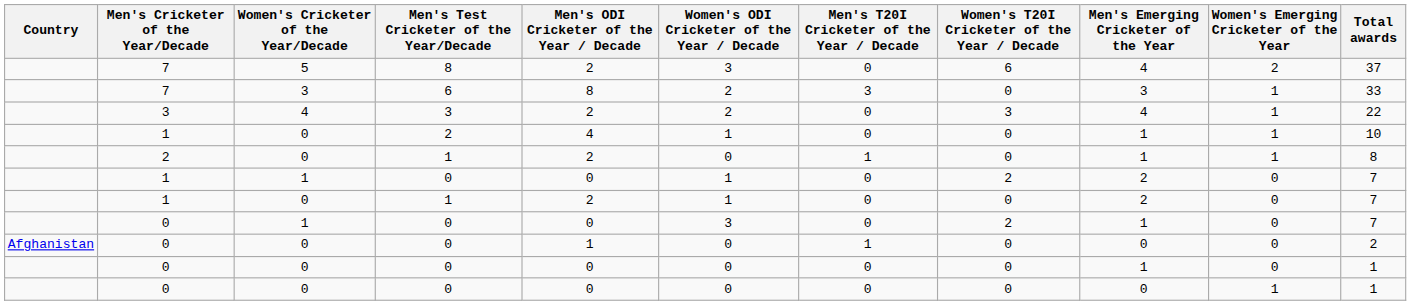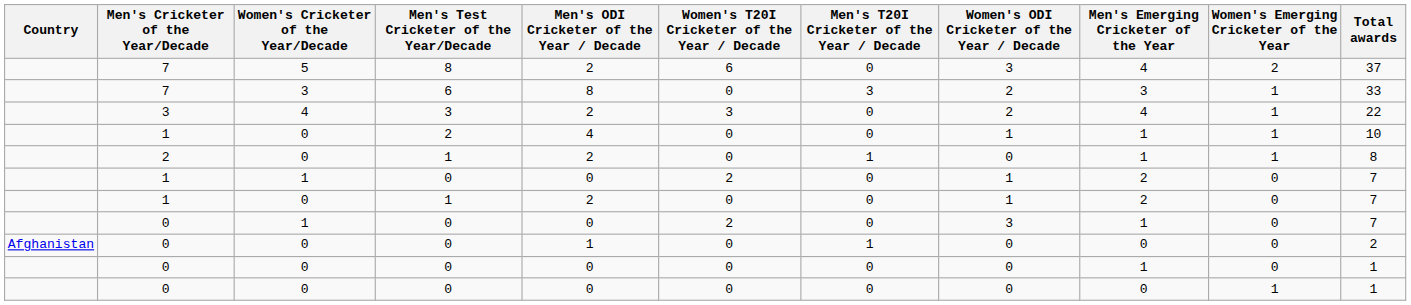 <table class="wikitable sortable" style="text-align:center;font-size:90%;">
 <tr>
 <th>Country</th>
 <th>Men's Cricketer of the Year/Decade</th>
 <th>Women's Cricketer of the Year/Decade</th>
 <th>Men's Test Cricketer of the Year/Decade</th>
 <th>Men's ODI Cricketer of the Year / Decade</th>
+<th>Women's T20I Cricketer of the Year / Decade</th>
+<th>Men's T20I Cricketer of the Year / Decade</th>
 <th>Women's ODI Cricketer of the Year / Decade</th>
-<th>Men's T20I Cricketer of the Year / Decade</th>
-<th>Women's T20I Cricketer of the Year / Decade</th>
 <th>Men's Emerging Cricketer of the Year</th>
 <th>Women's Emerging Cricketer of the Year</th>
 <th>Total awards</th>
 </tr>
 <tr>
 <td></td>
 <td>7</td>
 <td>5</td>
 <td>8</td>
 <td>2</td>
+<td>6</td>
+<td>0</td>
 <td>3</td>
-<td>0</td>
-<td>6</td>
 <td>4</td>
 <td>2</td>
 <td>37</td>
 </tr>
 <tr>
 <td></td>
 <td>7</td>
 <td>3</td>
 <td>6</td>
 <td>8</td>
+<td>0</td>
+<td>3</td>
 <td>2</td>
-<td>3</td>
-<td>0</td>
 <td>3</td>
 <td>1</td>
 <td>33</td>
 </tr>
 <tr>
 <td></td>
 <td>3</td>
 <td>4</td>
 <td>3</td>
 <td>2</td>
+<td>3</td>
+<td>0</td>
 <td>2</td>
-<td>0</td>
-<td>3</td>
 <td>4</td>
 <td>1</td>
 <td>22</td>
 </tr>
 <tr>
 <td></td>
 <td>1</td>
 <td>0</td>
 <td>2</td>
 <td>4</td>
-<td>1</td>
 <td>0</td>
 <td>0</td>
+<td>1</td>
 <td>1</td>
 <td>1</td>
 <td>10</td>
 </tr>
 <tr>
 <td></td>
 <td>2</td>
 <td>0</td>
 <td>1</td>
 <td>2</td>
 <td>0</td>
 <td>1</td>
 <td>0</td>
 <td>1</td>
 <td>1</td>
 <td>8</td>
 </tr>
 <tr>
 <td></td>
 <td>1</td>
 <td>1</td>
 <td>0</td>
 <td>0</td>
+<td>2</td>
+<td>0</td>
 <td>1</td>
-<td>0</td>
-<td>2</td>
 <td>2</td>
 <td>0</td>
 <td>7</td>
 </tr>
 <tr>
 <td></td>
 <td>1</td>
 <td>0</td>
 <td>1</td>
 <td>2</td>
-<td>1</td>
 <td>0</td>
 <td>0</td>
+<td>1</td>
 <td>2</td>
 <td>0</td>
 <td>7</td>
 </tr>
 <tr>
 <td></td>
 <td>0</td>
 <td>1</td>
 <td>0</td>
 <td>0</td>
+<td>2</td>
+<td>0</td>
 <td>3</td>
-<td>0</td>
-<td>2</td>
 <td>1</td>
 <td>0</td>
 <td>7</td>
 </tr>
 <tr>
 <td> <a href='#'>Afghanistan</a></td>
 <td>0</td>
 <td>0</td>
 <td>0</td>
 <td>1</td>
 <td>0</td>
 <td>1</td>
 <td>0</td>
 <td>0</td>
 <td>0</td>
 <td>2</td>
 </tr>
 <tr>
 <td></td>
 <td>0</td>
 <td>0</td>
 <td>0</td>
 <td>0</td>
 <td>0</td>
 <td>0</td>
 <td>0</td>
 <td>1</td>
 <td>0</td>
 <td>1</td>
 </tr>
 <tr>
 <td></td>
 <td>0</td>
 <td>0</td>
 <td>0</td>
 <td>0</td>
 <td>0</td>
 <td>0</td>
 <td>0</td>
 <td>0</td>
 <td>1</td>
 <td>1</td>
 </tr>
 </table>
